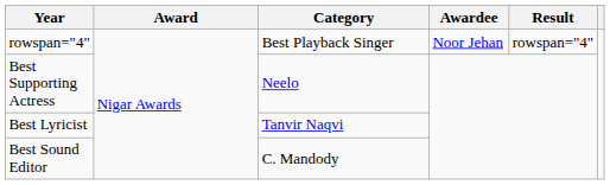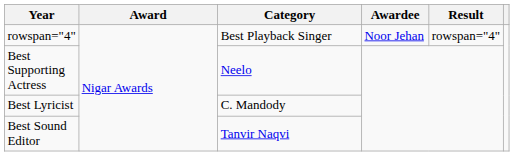 <table class="wikitable sortable" width=100%>
 <tr>
 <th width=5%>Year</th>
 <th style="width:40%;">Award</th>
 <th style="width:40%;">Category</th>
 <th style="width:40%;">Awardee</th>
 <th style="width:10%;">Result</th>
 <th width=5%></th>
 </tr>
 <tr>
 <td>rowspan="4"</td>
 <td rowspan="4"><a href='#'>Nigar Awards</a></td>
 <td>Best Playback Singer</td>
 <td><a href='#'>Noor Jehan</a></td>
 <td>rowspan="4"</td>
 <td rowspan="4"></td>
 </tr>
 <tr>
 <td>Best Supporting Actress</td>
 <td><a href='#'>Neelo</a></td>
 </tr>
 <tr>
 <td>Best Lyricist</td>
-<td><a href='#'>Tanvir Naqvi</a></td>
+<td>C. Mandody</td>
 </tr>
 <tr>
 <td>Best Sound Editor</td>
-<td>C. Mandody</td>
+<td><a href='#'>Tanvir Naqvi</a></td>
 </tr>
 </table>
